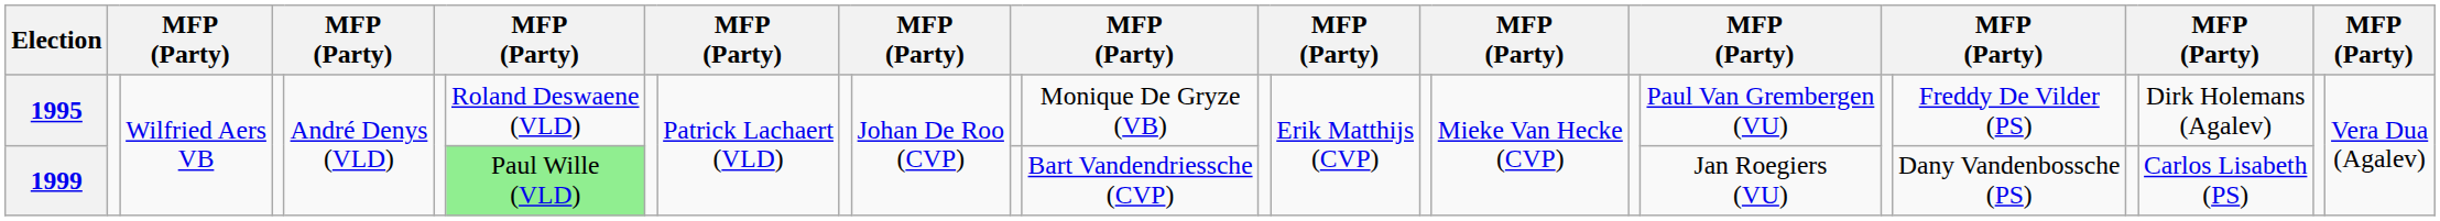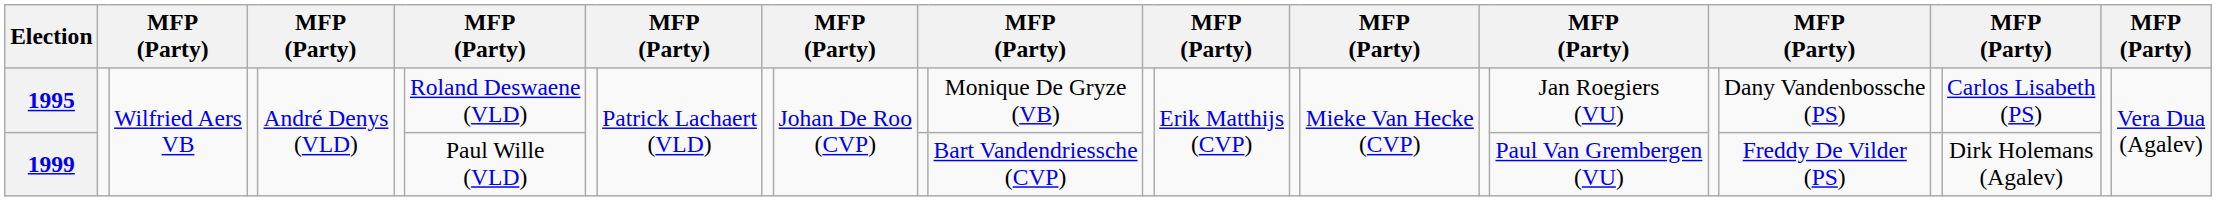 <table class="wikitable" style="text-align:center">
 <tr>
 <th>Election</th>
 <th colspan=2>MFP<br>(Party)</th>
 <th colspan=2>MFP<br>(Party)</th>
 <th colspan=2>MFP<br>(Party)</th>
 <th colspan=2>MFP<br>(Party)</th>
 <th colspan=2>MFP<br>(Party)</th>
 <th colspan=2>MFP<br>(Party)</th>
 <th colspan=2>MFP<br>(Party)</th>
 <th colspan=2>MFP<br>(Party)</th>
 <th colspan=2>MFP<br>(Party)</th>
 <th colspan=2>MFP<br>(Party)</th>
 <th colspan=2>MFP<br>(Party)</th>
 <th colspan=2>MFP<br>(Party)</th>
 </tr>
 <tr>
 <th><a href='#'>1995</a></th>
 <td rowspan=2; style="background-color: "></td>
 <td rowspan=2><a href='#'>Wilfried Aers</a><br><a href='#'>VB</a></td>
 <td rowspan=2; style="background-color: "></td>
 <td rowspan=2><a href='#'>André Denys</a><br>(<a href='#'>VLD</a>)</td>
 <td rowspan=2; style="background-color: "></td>
 <td><a href='#'>Roland Deswaene</a><br>(<a href='#'>VLD</a>)</td>
 <td rowspan=2; style="background-color: "></td>
 <td rowspan=2><a href='#'>Patrick Lachaert</a><br>(<a href='#'>VLD</a>)</td>
 <td rowspan=2; style="background-color: "></td>
 <td rowspan=2><a href='#'>Johan De Roo</a><br>(<a href='#'>CVP</a>)</td>
 <td rowspan=1; style="background-color: "></td>
 <td>Monique De Gryze<br>(<a href='#'>VB</a>)</td>
 <td rowspan=2; style="background-color: "></td>
 <td rowspan=2><a href='#'>Erik Matthijs</a><br>(<a href='#'>CVP</a>)</td>
 <td rowspan=2; style="background-color: "></td>
 <td rowspan=2><a href='#'>Mieke Van Hecke</a><br>(<a href='#'>CVP</a>)</td>
 <td rowspan=2; style="background-color: "></td>
-<td><a href='#'>Paul Van Grembergen</a><br>(<a href='#'>VU</a>)</td>
+<td>Jan Roegiers<br>(<a href='#'>VU</a>)</td>
 <td rowspan=2; style="background-color: "></td>
-<td><a href='#'>Freddy De Vilder</a><br>(<a href='#'>PS</a>)</td>
+<td>Dany Vandenbossche<br>(<a href='#'>PS</a>)</td>
 <td rowspan=1; style="background-color: "></td>
-<td>Dirk Holemans<br>(Agalev)</td>
+<td><a href='#'>Carlos Lisabeth</a><br>(<a href='#'>PS</a>)</td>
 <td rowspan=2; style="background-color: "></td>
 <td rowspan=2><a href='#'>Vera Dua</a><br>(Agalev)</td>
 </tr>
 <tr>
 <th><a href='#'>1999</a></th>
-<td style="background: lightgreen;">Paul Wille<br>(<a href='#'>VLD</a>)</td>
+<td>Paul Wille<br>(<a href='#'>VLD</a>)</td>
 <td rowspan=1; style="background-color: "></td>
 <td><a href='#'>Bart Vandendriessche</a><br>(<a href='#'>CVP</a>)</td>
-<td>Jan Roegiers<br>(<a href='#'>VU</a>)</td>
-<td>Dany Vandenbossche<br>(<a href='#'>PS</a>)</td>
+<td><a href='#'>Paul Van Grembergen</a><br>(<a href='#'>VU</a>)</td>
+<td><a href='#'>Freddy De Vilder</a><br>(<a href='#'>PS</a>)</td>
 <td rowspan=1; style="background-color: "></td>
-<td><a href='#'>Carlos Lisabeth</a><br>(<a href='#'>PS</a>)</td>
+<td>Dirk Holemans<br>(Agalev)</td>
 </tr>
 </table>
